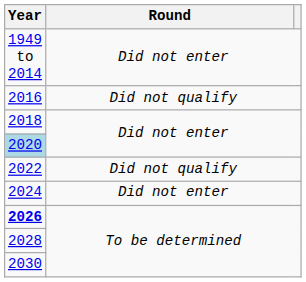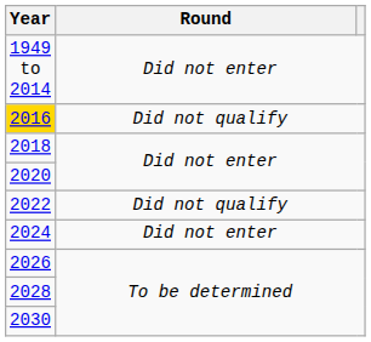 <table class="wikitable" style="text-align: center; font-size:90%">
 <tr>
 <th>Year</th>
 <th style="width:200px">Round</th>
 <th></th>
 </tr>
 <tr>
 <td><a href='#'>1949</a><br>to<br><a href='#'>2014</a></td>
 <td colspan="2"><em>Did not enter</em></td>
 </tr>
 <tr>
-<td><a href='#'>2016</a></td>
+<td style="background: gold;"><a href='#'>2016</a></td>
 <td colspan="2"><em>Did not qualify</em></td>
 </tr>
 <tr>
 <td><a href='#'>2018</a></td>
 <td colspan="2" rowspan="2"><em>Did not enter</em></td>
 </tr>
 <tr>
-<td style="background: lightblue;"><a href='#'>2020</a></td>
+<td><a href='#'>2020</a></td>
 </tr>
 <tr>
 <td><a href='#'>2022</a></td>
 <td colspan="2"><em>Did not qualify</em></td>
 </tr>
 <tr>
 <td><a href='#'>2024</a></td>
 <td colspan="2"><em>Did not enter</em></td>
 </tr>
 <tr>
-<td><strong><a href='#'>2026</a></strong></td>
+<td><a href='#'>2026</a></td>
 <td colspan="2" rowspan="3"><em>To be determined</em></td>
 </tr>
 <tr>
 <td><a href='#'>2028</a></td>
 </tr>
 <tr>
 <td><a href='#'>2030</a></td>
 </tr>
 </table>
